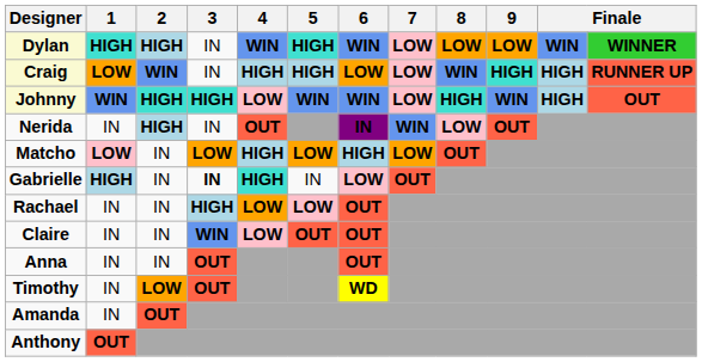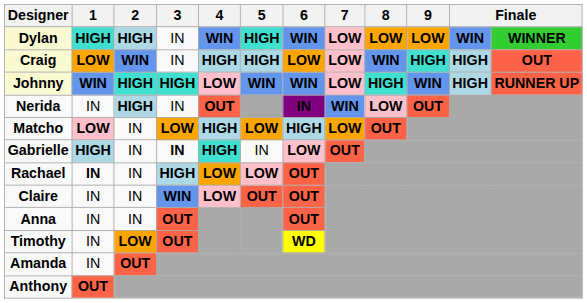 <table class="wikitable" style="text-align:center">
 <tr>
 <th>Designer</th>
 <th>1</th>
 <th>2</th>
 <th>3</th>
 <th>4</th>
 <th>5</th>
 <th>6</th>
 <th>7</th>
 <th>8</th>
 <th>9</th>
 <th colspan=2>Finale</th>
 </tr>
 <tr>
 <td style="background:#FAFAD2;"><strong>Dylan</strong></td>
 <td style="background:turquoise;"><strong>HIGH</strong></td>
 <td style="background:lightblue;"><strong>HIGH</strong></td>
 <td>IN</td>
 <td style="background:cornflowerblue;"><strong>WIN</strong></td>
 <td style="background:turquoise;"><strong>HIGH</strong></td>
 <td style="background:cornflowerblue;"><strong>WIN</strong></td>
 <td style="background:pink;"><strong>LOW</strong></td>
 <td style="background:orange;"><strong>LOW</strong></td>
 <td style="background:orange;"><strong>LOW</strong></td>
 <td style="background:cornflowerblue;"><strong>WIN</strong></td>
 <td style="background:limegreen;"><strong>WINNER</strong></td>
 </tr>
 <tr>
 <td style="background:#FAFAD2;"><strong>Craig</strong></td>
 <td style="background:orange;"><strong>LOW</strong></td>
 <td style="background:cornflowerblue;"><strong>WIN</strong></td>
 <td>IN</td>
 <td style="background:lightblue;"><strong>HIGH</strong></td>
 <td style="background:lightblue;"><strong>HIGH</strong></td>
 <td style="background:orange;"><strong>LOW</strong></td>
 <td style="background:pink;"><strong>LOW</strong></td>
 <td style="background:cornflowerblue;"><strong>WIN</strong></td>
 <td style="background:turquoise;"><strong>HIGH</strong></td>
 <td style="background:lightblue;"><strong>HIGH</strong></td>
-<td style="background:tomato;"><strong>RUNNER UP</strong></td>
+<td style="background:tomato;"><strong>OUT</strong></td>
 </tr>
 <tr>
 <td style="background:#FAFAD2;"><strong>Johnny</strong></td>
 <td style="background:cornflowerblue;"><strong>WIN</strong></td>
 <td style="background:turquoise;"><strong>HIGH</strong></td>
 <td style="background:turquoise;"><strong>HIGH</strong></td>
 <td style="background:pink;"><strong>LOW</strong></td>
 <td style="background:cornflowerblue;"><strong>WIN</strong></td>
 <td style="background:cornflowerblue;"><strong>WIN</strong></td>
 <td style="background:pink;"><strong>LOW</strong></td>
 <td style="background:turquoise;"><strong>HIGH</strong></td>
 <td style="background:cornflowerblue;"><strong>WIN</strong></td>
 <td style="background:lightblue;"><strong>HIGH</strong></td>
-<td style="background:tomato;"><strong>OUT</strong></td>
+<td style="background:tomato;"><strong>RUNNER UP</strong></td>
 </tr>
 <tr>
 <td><strong>Nerida</strong></td>
 <td>IN</td>
 <td style="background:lightblue;"><strong>HIGH</strong></td>
 <td>IN</td>
 <td style="background:tomato;"><strong>OUT</strong></td>
 <td style="background:darkgrey;"></td>
 <td style="background:purple;"><strong>IN</strong></td>
 <td style="background:cornflowerblue;"><strong>WIN</strong></td>
 <td style="background:pink;"><strong>LOW</strong></td>
 <td style="background:tomato;"><strong>OUT</strong></td>
 <td COLSPAN=13 style="background:darkgrey;"></td>
 </tr>
 <tr>
 <td><strong>Matcho</strong></td>
 <td style="background:pink;"><strong>LOW</strong></td>
 <td>IN</td>
 <td style="background:orange;"><strong>LOW</strong></td>
 <td style="background:lightblue;"><strong>HIGH</strong></td>
 <td style="background:orange;"><strong>LOW</strong></td>
 <td style="background:lightblue;"><strong>HIGH</strong></td>
 <td style="background:orange;"><strong>LOW</strong></td>
 <td style="background:tomato;"><strong>OUT</strong></td>
 <td COLSPAN=13 style="background:darkgrey;"></td>
 </tr>
 <tr>
 <td><strong>Gabrielle</strong></td>
 <td style="background:lightblue;"><strong>HIGH</strong></td>
 <td>IN</td>
 <td><strong>IN</strong></td>
 <td style="background:turquoise;"><strong>HIGH</strong></td>
 <td>IN</td>
 <td style="background:pink;"><strong>LOW</strong></td>
 <td style="background:tomato;"><strong>OUT</strong></td>
 <td COLSPAN=16 style="background:darkgrey;"></td>
 </tr>
 <tr>
 <td><strong>Rachael</strong></td>
-<td>IN</td>
+<td><strong>IN</strong></td>
 <td>IN</td>
 <td style="background:lightblue;"><strong>HIGH</strong></td>
 <td style="background:orange;"><strong>LOW</strong></td>
 <td style="background:pink;"><strong>LOW</strong></td>
 <td style="background:tomato;"><strong>OUT</strong></td>
 <td COLSPAN=16 style="background:darkgrey;"></td>
 </tr>
 <tr>
 <td><strong>Claire</strong></td>
 <td>IN</td>
 <td>IN</td>
 <td style="background:cornflowerblue;"><strong>WIN</strong></td>
 <td style="background:pink;"><strong>LOW</strong></td>
 <td style="background:tomato;"><strong>OUT</strong></td>
 <td style="background:tomato;"><strong>OUT</strong></td>
 <td COLSPAN=16 style="background:darkgrey;"></td>
 </tr>
 <tr>
 <td><strong>Anna</strong></td>
 <td>IN</td>
 <td>IN</td>
 <td style="background:tomato;"><strong>OUT</strong></td>
 <td style="background:darkgrey;"></td>
 <td style="background:darkgrey;"></td>
 <td style="background:tomato;"><strong>OUT</strong></td>
 <td COLSPAN=14 style="background:darkgrey;"></td>
 </tr>
 <tr>
 <td><strong>Timothy</strong></td>
 <td>IN</td>
 <td style="background:orange;"><strong>LOW</strong></td>
 <td style="background:tomato;"><strong>OUT</strong></td>
 <td style="background:darkgrey;"></td>
 <td style="background:darkgrey;"></td>
 <td style="background:yellow;"><strong>WD</strong></td>
 <td COLSPAN=14 style="background:darkgrey;"></td>
 </tr>
 <tr>
 <td><strong>Amanda</strong></td>
 <td>IN</td>
 <td style="background:tomato;"><strong>OUT</strong></td>
 <td COLSPAN=18 style="background:darkgrey;"></td>
 </tr>
 <tr>
 <td><strong>Anthony</strong></td>
 <td style="background:tomato;"><strong>OUT</strong></td>
 <td COLSPAN=19 style="background:darkgrey;"></td>
 </tr>
 </table>
